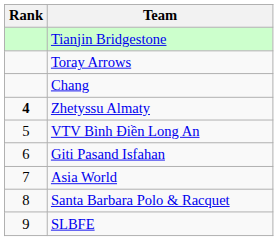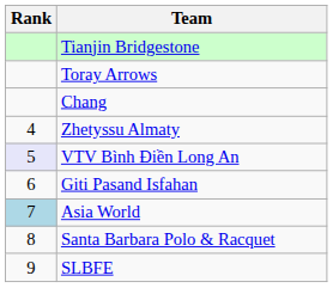 <table class="wikitable" style="text-align: center;">
 <tr>
 <th width=40>Rank</th>
 <th width=240>Team</th>
 </tr>
 <tr bgcolor=#CCFFCC>
 <td></td>
 <td align="left"> <a href='#'>Tianjin Bridgestone</a></td>
 </tr>
 <tr>
 <td></td>
 <td align="left"> <a href='#'>Toray Arrows</a></td>
 </tr>
 <tr>
 <td></td>
 <td align="left"> <a href='#'>Chang</a></td>
 </tr>
 <tr>
-<td><strong>4</strong></td>
+<td>4</td>
 <td align="left"> <a href='#'>Zhetyssu Almaty</a></td>
 </tr>
 <tr>
-<td>5</td>
+<td style="background: lavender;">5</td>
 <td align="left"> <a href='#'>VTV Bình Điền Long An</a></td>
 </tr>
 <tr>
 <td>6</td>
 <td align="left"> <a href='#'>Giti Pasand Isfahan</a></td>
 </tr>
 <tr>
-<td>7</td>
+<td style="background: lightblue;">7</td>
 <td align="left"> <a href='#'>Asia World</a></td>
 </tr>
 <tr>
 <td>8</td>
 <td align="left"> <a href='#'>Santa Barbara Polo & Racquet</a></td>
 </tr>
 <tr>
 <td>9</td>
 <td align="left"> <a href='#'>SLBFE</a></td>
 </tr>
 </table>
